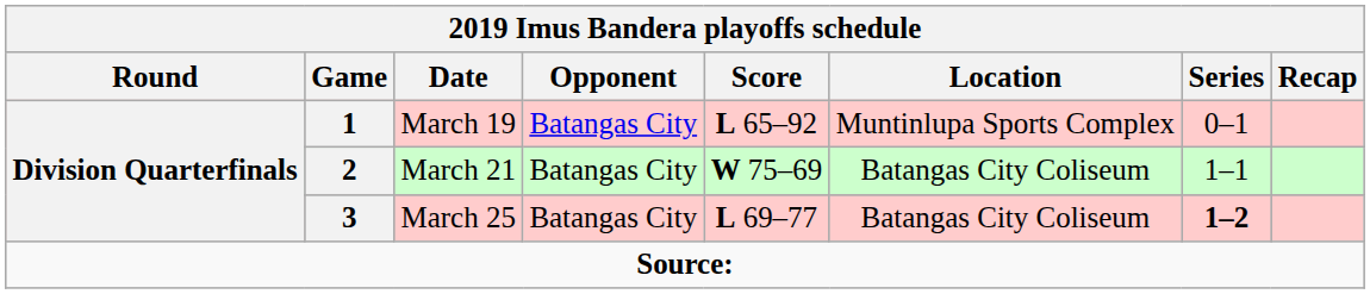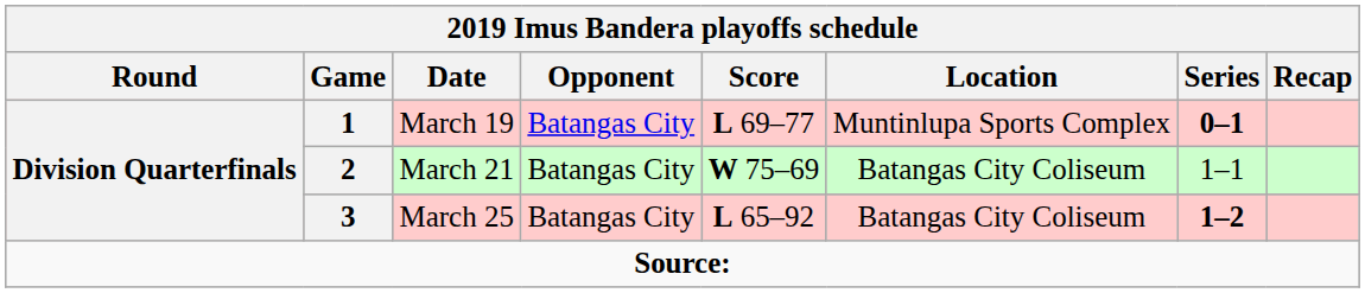 <table class="wikitable" style="text-align:center">
 <tr>
 <th colspan=8>2019 Imus Bandera playoffs schedule</th>
 </tr>
 <tr>
 <th>Round</th>
 <th>Game</th>
 <th>Date</th>
 <th>Opponent</th>
 <th>Score</th>
 <th>Location</th>
 <th>Series</th>
 <th>Recap<br></th>
 </tr>
 <tr style="background:#fcc">
 <th rowspan=3>Division Quarterfinals</th>
 <th>1</th>
 <td>March 19</td>
 <td><a href='#'>Batangas City</a></td>
-<td><strong>L</strong> 65–92</td>
+<td><strong>L</strong> 69–77</td>
 <td>Muntinlupa Sports Complex</td>
-<td>0–1</td>
+<td><strong>0–1</strong></td>
 <td></td>
 </tr>
 <tr style="background:#cfc">
 <th>2</th>
 <td>March 21</td>
 <td>Batangas City</td>
 <td><strong>W</strong> 75–69</td>
 <td>Batangas City Coliseum</td>
 <td>1–1</td>
 <td></td>
 </tr>
 <tr style="background:#fcc">
 <th>3</th>
 <td>March 25</td>
 <td>Batangas City</td>
-<td><strong>L</strong> 69–77</td>
+<td><strong>L</strong> 65–92</td>
 <td>Batangas City Coliseum</td>
 <td><strong>1–2</strong></td>
 <td></td>
 </tr>
 <tr>
 <td colspan=8 align=center><strong>Source: </strong></td>
 </tr>
 </table>
